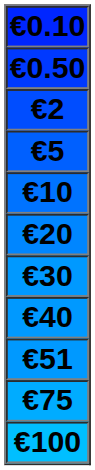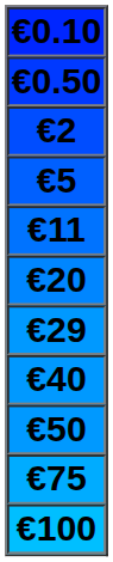 <table width="0" border="1" cellspacing="0" cellpadding="1" |->
 <tr>
 <td style="background:#0026ff; text-align:center;"><span><strong>€0.10</strong></span></td>
 </tr>
 <tr>
 <td style="background:#0039ff; text-align:center;"><span><strong>€0.50</strong></span></td>
 </tr>
 <tr>
 <td style="background:#004dff; text-align:center;"><span><strong>€2</strong></span></td>
 </tr>
 <tr>
 <td style="background:#0060ff; text-align:center;"><span><strong>€5</strong></span></td>
 </tr>
 <tr>
-<td style="background:#0073ff; text-align:center;"><span><strong>€10</strong></span></td>
+<td style="background:#0073ff; text-align:center;"><span><strong>€11</strong></span></td>
 </tr>
 <tr>
 <td style="background:#0086ff; text-align:center;"><span><strong>€20</strong></span></td>
 </tr>
 <tr>
-<td style="background:#09f; text-align:center;"><span><strong>€30</strong></span></td>
+<td style="background:#09f; text-align:center;"><span><strong>€29</strong></span></td>
 </tr>
 <tr>
 <td style="background:#09f; text-align:center;"><span><strong>€40</strong></span></td>
 </tr>
 <tr>
-<td style="background:#09f; text-align:center;"><span><strong>€51</strong></span></td>
+<td style="background:#09f; text-align:center;"><span><strong>€50</strong></span></td>
 </tr>
 <tr>
 <td style="background:#00acff; text-align:center;"><span><strong>€75</strong></span></td>
 </tr>
 <tr>
 <td style="background:#00bfff; text-align:center;"><span><strong>€100</strong></span></td>
 </tr>
 </table>
